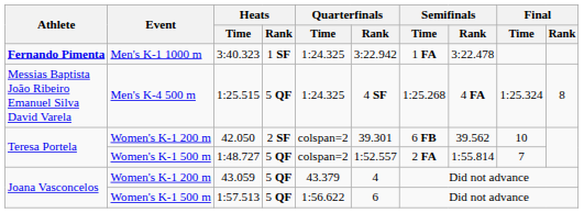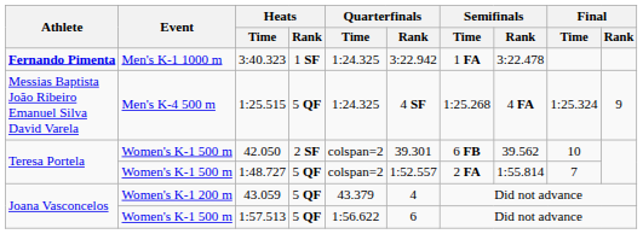 <table class=wikitable style="font-size:90%">
 <tr>
 <th rowspan="2">Athlete</th>
 <th rowspan="2">Event</th>
 <th colspan=2>Heats</th>
 <th colspan=2>Quarterfinals</th>
 <th colspan=2>Semifinals</th>
 <th colspan=2>Final</th>
 </tr>
 <tr style="font-size:95%">
 <th>Time</th>
 <th>Rank</th>
 <th>Time</th>
 <th>Rank</th>
 <th>Time</th>
 <th>Rank</th>
 <th>Time</th>
 <th>Rank</th>
 </tr>
 <tr align=center>
 <td align=left><strong><a href='#'>Fernando Pimenta</a></strong></td>
 <td align=left><a href='#'>Men's K-1 1000 m</a></td>
 <td>3:40.323</td>
 <td>1 <strong>SF</strong></td>
 <td>1:24.325</td>
 <td>3:22.942</td>
 <td>1 <strong>FA</strong></td>
 <td>3:22.478</td>
 <td></td>
 </tr>
 <tr align=center>
 <td align=left><a href='#'>Messias Baptista</a><br><a href='#'>João Ribeiro</a><br><a href='#'>Emanuel Silva</a><br><a href='#'>David Varela</a></td>
 <td align=left><a href='#'>Men's K-4 500 m</a></td>
 <td>1:25.515</td>
 <td>5 <strong>QF</strong></td>
 <td>1:24.325</td>
 <td>4 <strong>SF</strong></td>
 <td>1:25.268</td>
 <td>4 <strong>FA</strong></td>
 <td>1:25.324</td>
-<td>8</td>
+<td>9</td>
 </tr>
 <tr align=center>
 <td align=left rowspan=2><a href='#'>Teresa Portela</a></td>
-<td align=left><a href='#'>Women's K-1 200 m</a></td>
+<td align=left><a href='#'>Women's K-1 500 m</a></td>
 <td>42.050</td>
 <td>2 <strong>SF</strong></td>
 <td>colspan=2 </td>
 <td>39.301</td>
 <td>6 <strong>FB</strong></td>
 <td>39.562</td>
 <td>10</td>
 </tr>
 <tr align=center>
 <td align=left><a href='#'>Women's K-1 500 m</a></td>
 <td>1:48.727</td>
 <td>5 <strong>QF</strong></td>
 <td>colspan=2 </td>
 <td>1:52.557</td>
 <td>2 <strong>FA</strong></td>
 <td>1:55.814</td>
 <td>7</td>
 </tr>
 <tr align=center>
 <td align=left rowspan=2><a href='#'>Joana Vasconcelos</a></td>
 <td align=left><a href='#'>Women's K-1 200 m</a></td>
 <td>43.059</td>
 <td>5 <strong>QF</strong></td>
 <td>43.379</td>
 <td>4</td>
 <td colspan=4>Did not advance</td>
 </tr>
 <tr align=center>
 <td align=left><a href='#'>Women's K-1 500 m</a></td>
 <td>1:57.513</td>
 <td>5 <strong>QF</strong></td>
 <td>1:56.622</td>
 <td>6</td>
 <td colspan=4>Did not advance</td>
 </tr>
 </table>
